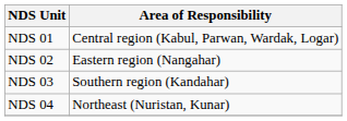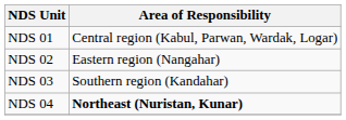 <table class="wikitable">
 <tr>
 <th>NDS Unit</th>
 <th>Area of Responsibility</th>
 </tr>
 <tr>
 <td>NDS 01</td>
 <td>Central region (Kabul, Parwan, Wardak, Logar)</td>
 </tr>
 <tr>
 <td>NDS 02</td>
 <td>Eastern region (Nangahar)</td>
 </tr>
 <tr>
 <td>NDS 03</td>
 <td>Southern region (Kandahar)</td>
 </tr>
 <tr>
 <td>NDS 04</td>
-<td>Northeast (Nuristan, Kunar)</td>
+<td><strong>Northeast (Nuristan, Kunar)</strong></td>
 </tr>
 <tr>
 </tr>
 </table>
